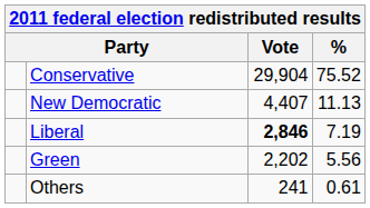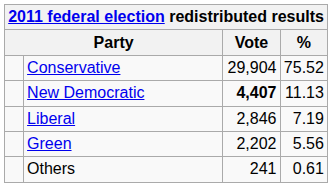 <table class="wikitable">
 <tr>
 <th colspan="4"><a href='#'>2011 federal election</a> redistributed results</th>
 </tr>
 <tr>
 <th bgcolor="#DDDDFF" width="130px" colspan="2">Party</th>
 <th bgcolor="#DDDDFF" width="50px">Vote</th>
 <th bgcolor="#DDDDFF" width="30px">%</th>
 </tr>
 <tr>
 <td> </td>
 <td><a href='#'>Conservative</a></td>
 <td align=right>29,904</td>
 <td align=right>75.52</td>
 </tr>
 <tr>
 <td> </td>
 <td><a href='#'>New Democratic</a></td>
-<td align=right>4,407</td>
+<td align=right><strong>4,407</strong></td>
 <td align=right>11.13</td>
 </tr>
 <tr>
 <td> </td>
 <td><a href='#'>Liberal</a></td>
-<td align=right><strong>2,846</strong></td>
+<td align=right>2,846</td>
 <td align=right>7.19</td>
 </tr>
 <tr>
 <td> </td>
 <td><a href='#'>Green</a></td>
 <td align=right>2,202</td>
 <td align=right>5.56</td>
 </tr>
 <tr>
 <td> </td>
 <td>Others</td>
 <td align=right>241</td>
 <td align=right>0.61</td>
 </tr>
 </table>
